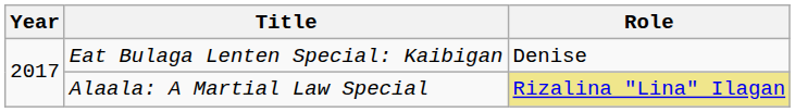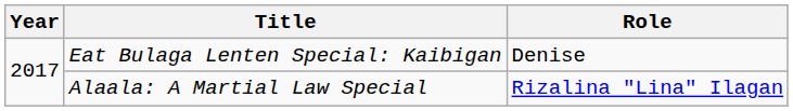 <table class="wikitable">
 <tr>
 <th>Year</th>
 <th>Title</th>
 <th>Role</th>
 </tr>
 <tr>
 <td rowspan="11">2017</td>
 <td><em>Eat Bulaga Lenten Special: Kaibigan</em></td>
 <td>Denise</td>
 </tr>
 <tr>
 <td><em>Alaala: A Martial Law Special</em></td>
-<td style="background: khaki;"><a href='#'>Rizalina "Lina" Ilagan</a></td>
+<td><a href='#'>Rizalina "Lina" Ilagan</a></td>
 </tr>
 </table>
